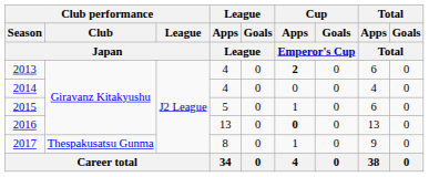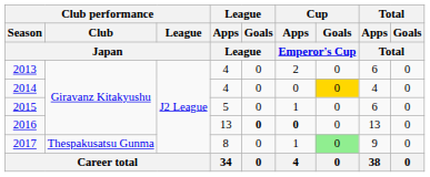 <table class="wikitable" style="text-align:center">
 <tr>
 <th colspan=3>Club performance</th>
 <th colspan=2>League</th>
 <th colspan=2>Cup</th>
 <th colspan=2>Total</th>
 </tr>
 <tr>
 <th>Season</th>
 <th>Club</th>
 <th>League</th>
 <th>Apps</th>
 <th>Goals</th>
 <th>Apps</th>
 <th>Goals</th>
 <th>Apps</th>
 <th>Goals</th>
 </tr>
 <tr>
 <th colspan=3>Japan</th>
 <th colspan=2>League</th>
 <th colspan=2><a href='#'>Emperor's Cup</a></th>
 <th colspan=2>Total</th>
 </tr>
 <tr>
 <td><a href='#'>2013</a></td>
 <td rowspan="4"><a href='#'>Giravanz Kitakyushu</a></td>
 <td rowspan="5"><a href='#'>J2 League</a></td>
 <td>4</td>
 <td>0</td>
-<td><strong>2</strong></td>
+<td>2</td>
 <td>0</td>
 <td>6</td>
 <td>0</td>
 </tr>
 <tr>
 <td><a href='#'>2014</a></td>
 <td>4</td>
 <td>0</td>
 <td>0</td>
-<td>0</td>
+<td style="background: gold;">0</td>
 <td>4</td>
 <td>0</td>
 </tr>
 <tr>
 <td><a href='#'>2015</a></td>
 <td>5</td>
 <td>0</td>
 <td>1</td>
 <td>0</td>
 <td>6</td>
 <td>0</td>
 </tr>
 <tr>
 <td><a href='#'>2016</a></td>
 <td>13</td>
-<td>0</td>
+<td><strong>0</strong></td>
 <td><strong>0</strong></td>
 <td>0</td>
 <td>13</td>
 <td>0</td>
 </tr>
 <tr>
 <td><a href='#'>2017</a></td>
 <td rowspan="1"><a href='#'>Thespakusatsu Gunma</a></td>
 <td>8</td>
 <td>0</td>
 <td>1</td>
-<td>0</td>
+<td style="background: lightgreen;">0</td>
 <td>9</td>
 <td>0</td>
 </tr>
 <tr>
 <th colspan=3>Career total</th>
 <th>34</th>
 <th>0</th>
 <th>4</th>
 <th>0</th>
 <th>38</th>
 <th>0</th>
 </tr>
 </table>
